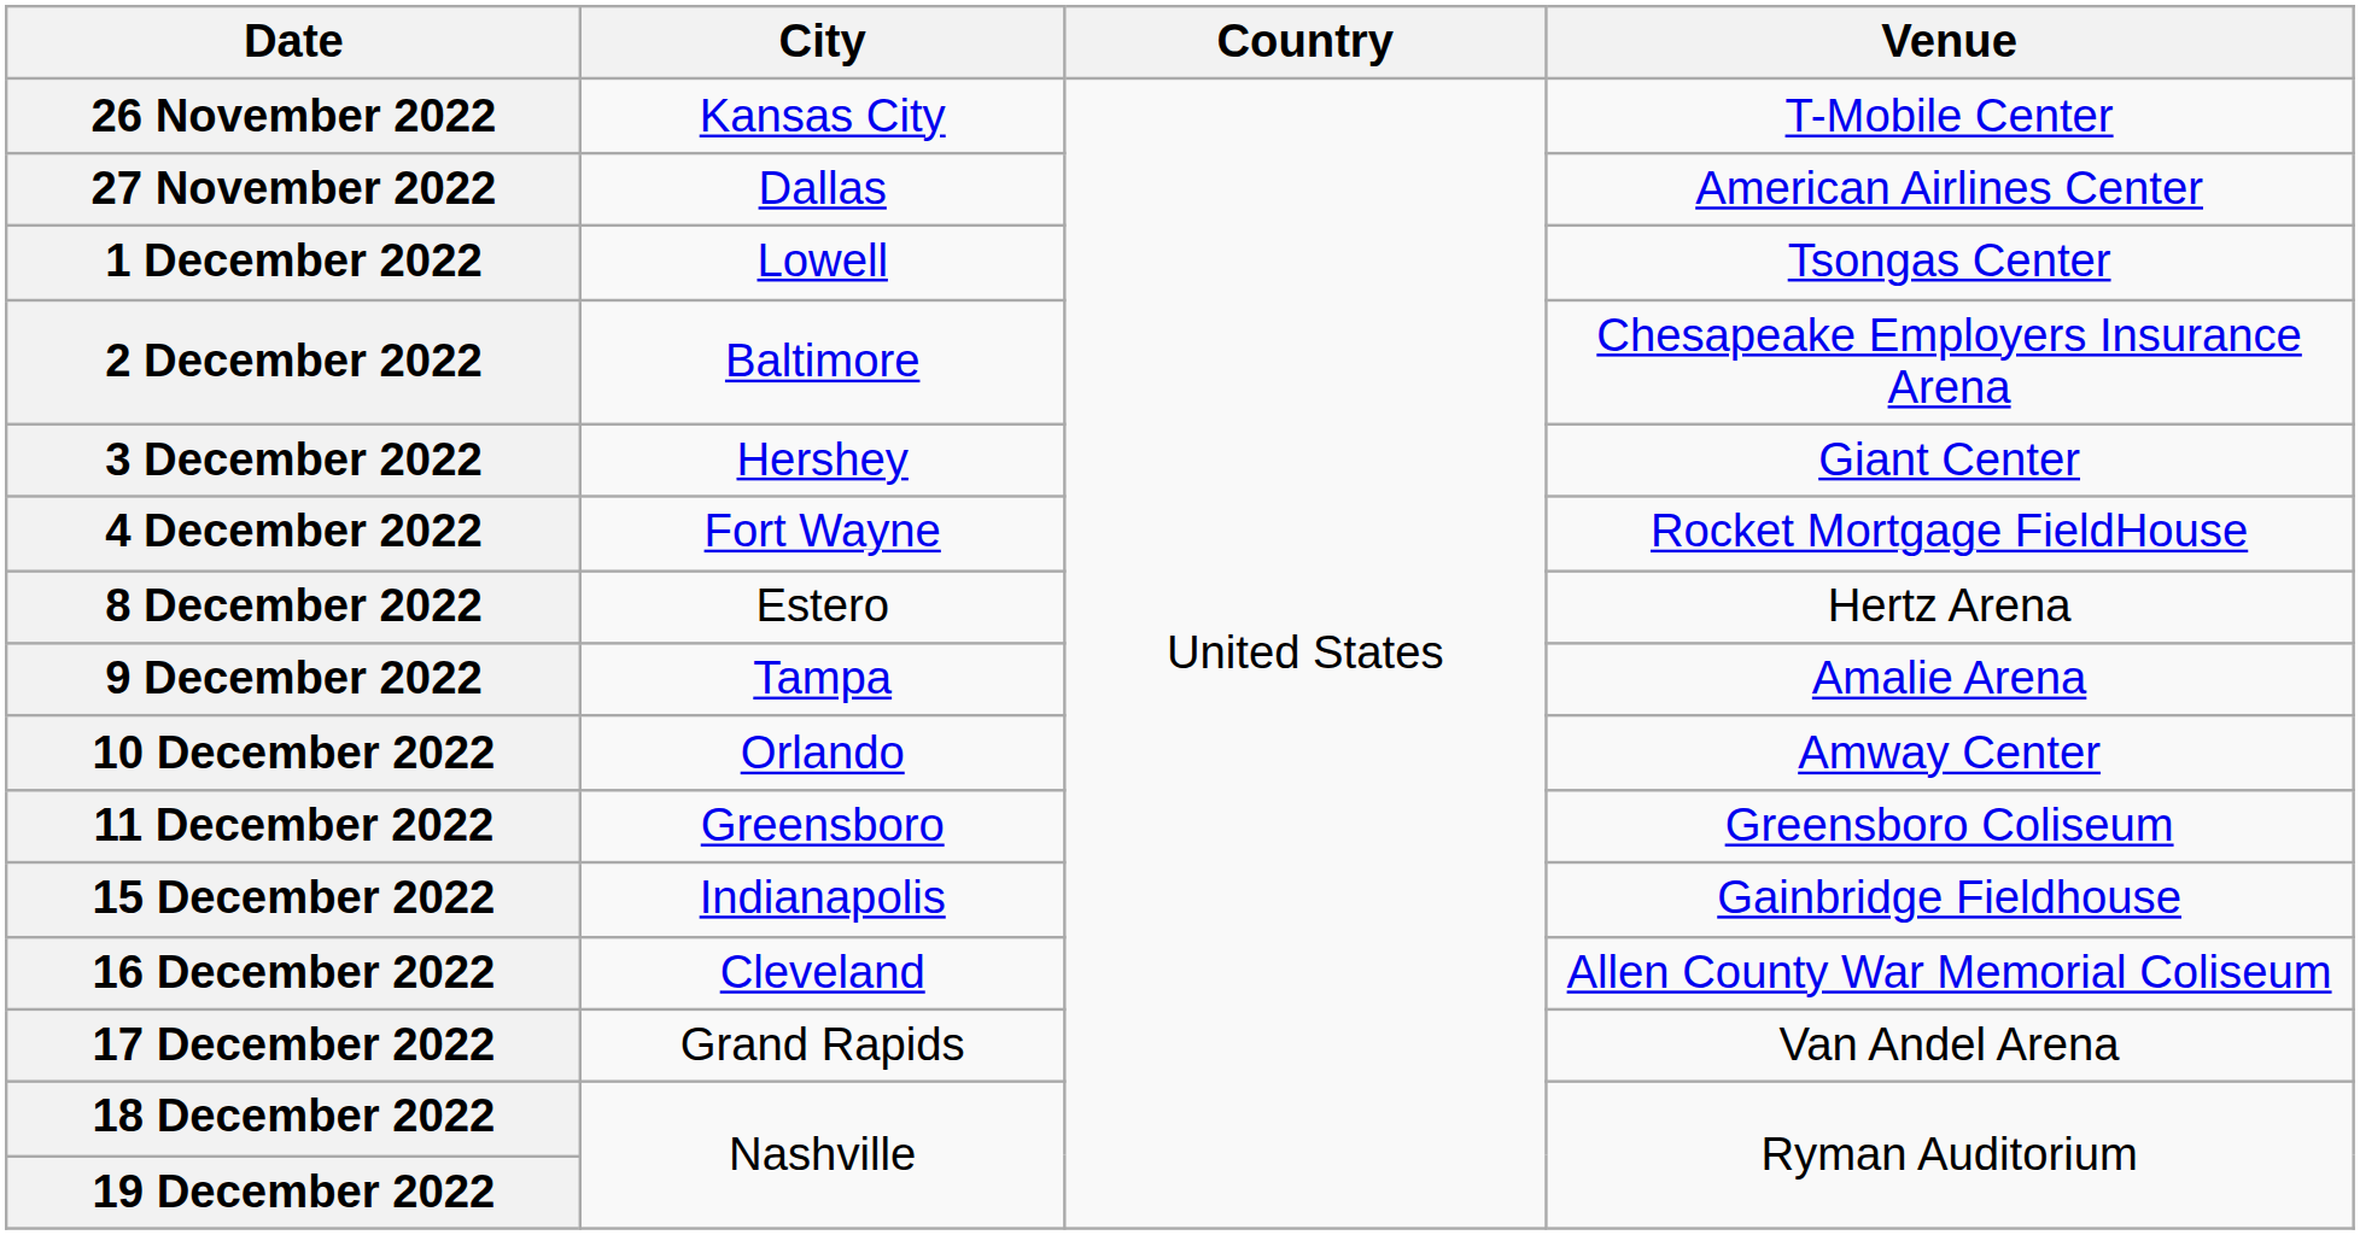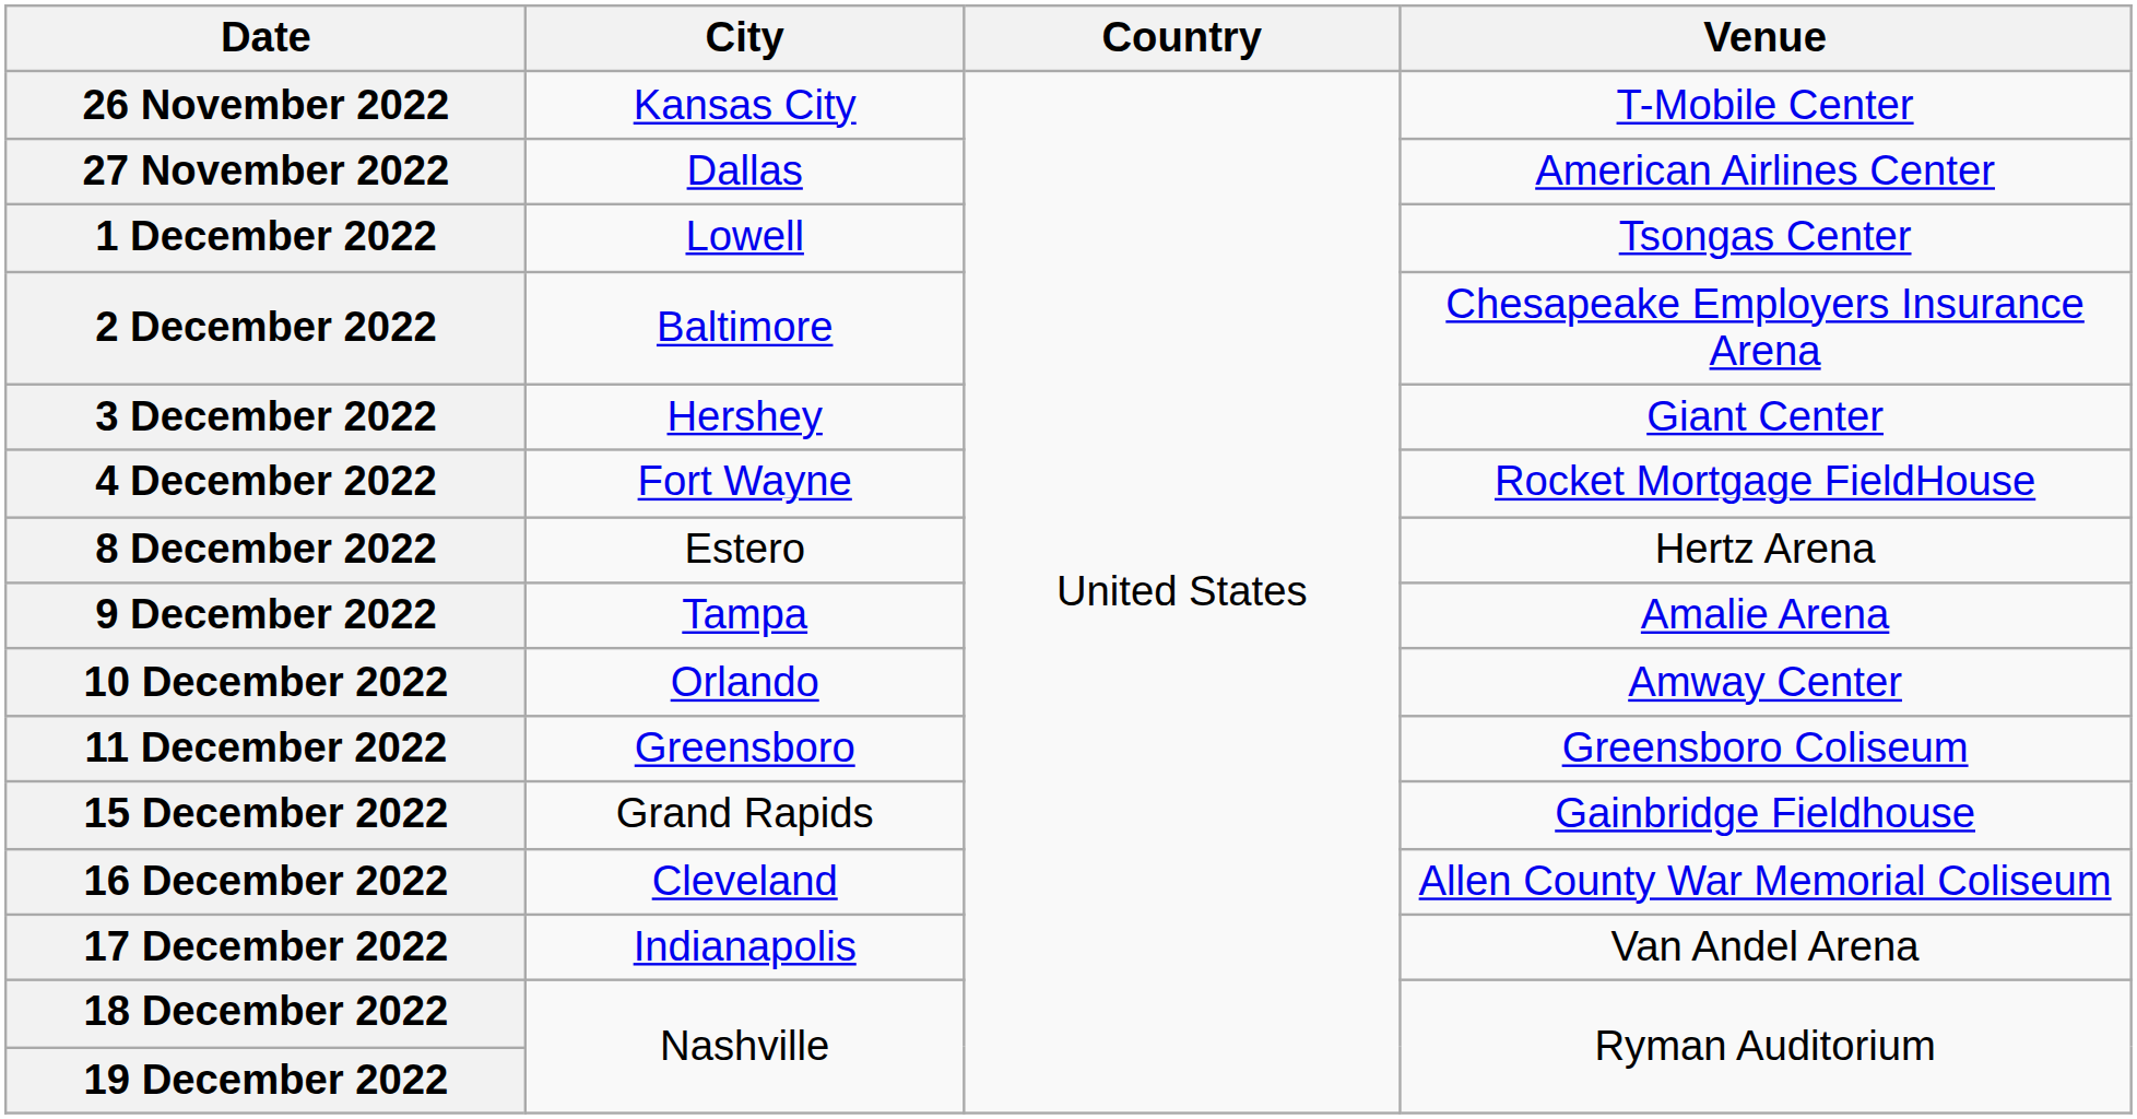 <table class="wikitable plainrowheaders" style="text-align:center;">
 <tr>
 <th scope="col" style="width:12em;">Date</th>
 <th scope="col" style="width:10em;">City</th>
 <th scope="col" style="width:10em;">Country</th>
 <th scope="col" style="width:17em;">Venue</th>
 </tr>
 <tr>
 <th scope="row" style="text-align:center;">26 November 2022</th>
 <td><a href='#'>Kansas City</a></td>
 <td rowspan="15">United States</td>
 <td><a href='#'>T-Mobile Center</a></td>
 </tr>
 <tr>
 <th scope="row" style="text-align:center;">27 November 2022</th>
 <td><a href='#'>Dallas</a></td>
 <td><a href='#'>American Airlines Center</a></td>
 </tr>
 <tr>
 <th scope="row" style="text-align:center;">1 December 2022</th>
 <td><a href='#'>Lowell</a></td>
 <td><a href='#'>Tsongas Center</a></td>
 </tr>
 <tr>
 <th scope="row" style="text-align:center;">2 December 2022</th>
 <td><a href='#'>Baltimore</a></td>
 <td><a href='#'>Chesapeake Employers Insurance Arena</a></td>
 </tr>
 <tr>
 <th scope="row" style="text-align:center;">3 December 2022</th>
 <td><a href='#'>Hershey</a></td>
 <td><a href='#'>Giant Center</a></td>
 </tr>
 <tr>
 <th scope="row" style="text-align:center;">4 December 2022</th>
 <td><a href='#'>Fort Wayne</a></td>
 <td><a href='#'>Rocket Mortgage FieldHouse</a></td>
 </tr>
 <tr>
 <th scope="row" style="text-align:center;">8 December 2022</th>
 <td>Estero</td>
 <td>Hertz Arena</td>
 </tr>
 <tr>
 <th scope="row" style="text-align:center;">9 December 2022</th>
 <td><a href='#'>Tampa</a></td>
 <td><a href='#'>Amalie Arena</a></td>
 </tr>
 <tr>
 <th scope="row" style="text-align:center;">10 December 2022</th>
 <td><a href='#'>Orlando</a></td>
 <td><a href='#'>Amway Center</a></td>
 </tr>
 <tr>
 <th scope="row" style="text-align:center;">11 December 2022</th>
 <td><a href='#'>Greensboro</a></td>
 <td><a href='#'>Greensboro Coliseum</a></td>
 </tr>
 <tr>
 <th scope="row" style="text-align:center;">15 December 2022</th>
-<td><a href='#'>Indianapolis</a></td>
+<td>Grand Rapids</td>
 <td><a href='#'>Gainbridge Fieldhouse</a></td>
 </tr>
 <tr>
 <th scope="row" style="text-align:center;">16 December 2022</th>
 <td><a href='#'>Cleveland</a></td>
 <td><a href='#'>Allen County War Memorial Coliseum</a></td>
 </tr>
 <tr>
 <th scope="row" style="text-align:center;">17 December 2022</th>
-<td>Grand Rapids</td>
+<td><a href='#'>Indianapolis</a></td>
 <td>Van Andel Arena</td>
 </tr>
 <tr>
 <th scope="row" style="text-align:center;">18 December 2022</th>
 <td rowspan="2">Nashville</td>
 <td rowspan="2">Ryman Auditorium</td>
 </tr>
 <tr>
 <th scope="row" style="text-align:center;">19 December 2022</th>
 </tr>
 </table>
